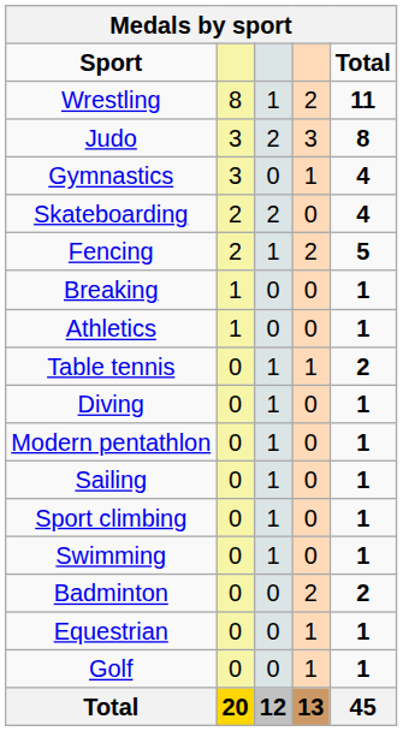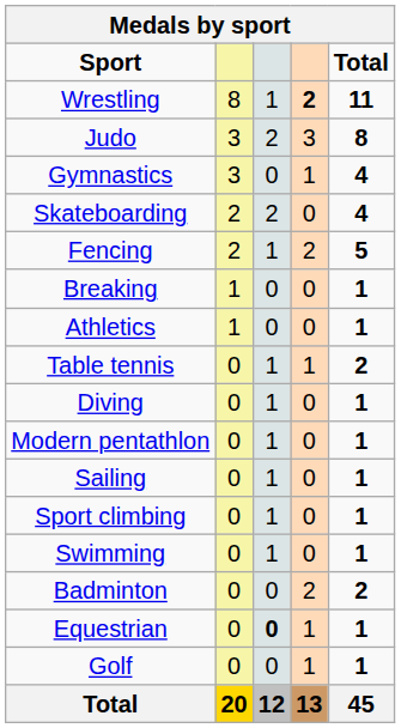 <table class="wikitable" style=font-size:95%;float:center;text-align:center>
 <tr style="background:#efefef;">
 <th colspan=5><strong>Medals by sport</strong></th>
 </tr>
 <tr align=center>
 <td><strong>Sport</strong></td>
 <td bgcolor=#f7f6a8></td>
 <td bgcolor=#dce5e5></td>
 <td bgcolor=#ffdab9></td>
 <td><strong>Total</strong></td>
 </tr>
 <tr align=center>
 <td><a href='#'>Wrestling</a></td>
 <td style="background:#F7F6A8;">8</td>
 <td style="background:#DCE5E5;">1</td>
-<td style="background:#FFDAB9;">2</td>
+<td style="background:#FFDAB9;"><strong>2</strong></td>
 <td><strong>11</strong></td>
 </tr>
 <tr align=center>
 <td><a href='#'>Judo</a></td>
 <td style="background:#F7F6A8;">3</td>
 <td style="background:#DCE5E5;">2</td>
 <td style="background:#FFDAB9;">3</td>
 <td><strong>8</strong></td>
 </tr>
 <tr align=center>
 <td><a href='#'>Gymnastics</a></td>
 <td style="background:#F7F6A8;">3</td>
 <td style="background:#DCE5E5;">0</td>
 <td style="background:#FFDAB9;">1</td>
 <td><strong>4</strong></td>
 </tr>
 <tr align=center>
 <td><a href='#'>Skateboarding</a></td>
 <td style="background:#F7F6A8;">2</td>
 <td style="background:#DCE5E5;">2</td>
 <td style="background:#FFDAB9;">0</td>
 <td><strong>4</strong></td>
 </tr>
 <tr align=center>
 <td><a href='#'>Fencing</a></td>
 <td style="background:#F7F6A8;">2</td>
 <td style="background:#DCE5E5;">1</td>
 <td style="background:#FFDAB9;">2</td>
 <td><strong>5</strong></td>
 </tr>
 <tr align=center>
 <td><a href='#'>Breaking</a></td>
 <td style="background:#F7F6A8;">1</td>
 <td style="background:#DCE5E5;">0</td>
 <td style="background:#FFDAB9;">0</td>
 <td><strong>1</strong></td>
 </tr>
 <tr align=center>
 <td><a href='#'>Athletics</a></td>
 <td style="background:#F7F6A8;">1</td>
 <td style="background:#DCE5E5;">0</td>
 <td style="background:#FFDAB9;">0</td>
 <td><strong>1</strong></td>
 </tr>
 <tr align=center>
 <td><a href='#'>Table tennis</a></td>
 <td style="background:#F7F6A8;">0</td>
 <td style="background:#DCE5E5;">1</td>
 <td style="background:#FFDAB9;">1</td>
 <td><strong>2</strong></td>
 </tr>
 <tr align=center>
 <td><a href='#'>Diving</a></td>
 <td style="background:#F7F6A8;">0</td>
 <td style="background:#DCE5E5;">1</td>
 <td style="background:#FFDAB9;">0</td>
 <td><strong>1</strong></td>
 </tr>
 <tr align=center>
 <td><a href='#'>Modern pentathlon</a></td>
 <td style="background:#F7F6A8;">0</td>
 <td style="background:#DCE5E5;">1</td>
 <td style="background:#FFDAB9;">0</td>
 <td><strong>1</strong></td>
 </tr>
 <tr align=center>
 <td><a href='#'>Sailing</a></td>
 <td style="background:#F7F6A8;">0</td>
 <td style="background:#DCE5E5;">1</td>
 <td style="background:#FFDAB9;">0</td>
 <td><strong>1</strong></td>
 </tr>
 <tr align=center>
 <td><a href='#'>Sport climbing</a></td>
 <td style="background:#F7F6A8;">0</td>
 <td style="background:#DCE5E5;">1</td>
 <td style="background:#FFDAB9;">0</td>
 <td><strong>1</strong></td>
 </tr>
 <tr align=center>
 <td><a href='#'>Swimming</a></td>
 <td style="background:#F7F6A8;">0</td>
 <td style="background:#DCE5E5;">1</td>
 <td style="background:#FFDAB9;">0</td>
 <td><strong>1</strong></td>
 </tr>
 <tr align=center>
 <td><a href='#'>Badminton</a></td>
 <td style="background:#F7F6A8;">0</td>
 <td style="background:#DCE5E5;">0</td>
 <td style="background:#FFDAB9;">2</td>
 <td><strong>2</strong></td>
 </tr>
 <tr align=center>
 <td><a href='#'>Equestrian</a></td>
 <td style="background:#F7F6A8;">0</td>
-<td style="background:#DCE5E5;">0</td>
+<td style="background:#DCE5E5;"><strong>0</strong></td>
 <td style="background:#FFDAB9;">1</td>
 <td><strong>1</strong></td>
 </tr>
 <tr align=center>
 <td><a href='#'>Golf</a></td>
 <td style="background:#F7F6A8;">0</td>
 <td style="background:#DCE5E5;">0</td>
 <td style="background:#FFDAB9;">1</td>
 <td><strong>1</strong></td>
 </tr>
 <tr align=center>
 <th><strong>Total</strong></th>
 <th style="background:gold;"><strong>20</strong></th>
 <th style="background:silver;"><strong>12</strong></th>
 <th style="background:#c96;"><strong>13</strong></th>
 <th><strong>45</strong></th>
 </tr>
 </table>
